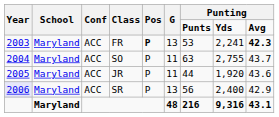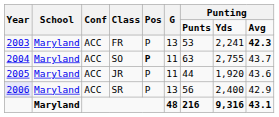 <table class="wikitable">
 <tr>
 <th rowspan="2">Year</th>
 <th rowspan="2">School</th>
 <th rowspan="2">Conf</th>
 <th rowspan="2">Class</th>
 <th rowspan="2">Pos</th>
 <th rowspan="2">G</th>
 <th colspan="3" style="text-align: center; font-weight:bold;">Punting</th>
 </tr>
 <tr>
 <td style="font-weight:bold;">Punts</td>
 <td style="font-weight:bold;">Yds</td>
 <td style="font-weight:bold;">Avg</td>
 </tr>
 <tr>
 <td><a href='#'>2003</a></td>
 <td><a href='#'>Maryland</a></td>
 <td>ACC</td>
 <td>FR</td>
-<td><strong>P</strong></td>
+<td>P</td>
 <td>13</td>
 <td>53</td>
 <td>2,241</td>
 <td><strong>42.3</strong></td>
 </tr>
 <tr>
 <td><a href='#'>2004</a></td>
 <td><a href='#'>Maryland</a></td>
 <td>ACC</td>
 <td>SO</td>
-<td>P</td>
+<td><strong>P</strong></td>
 <td>11</td>
 <td>63</td>
 <td>2,755</td>
 <td>43.7</td>
 </tr>
 <tr>
 <td><a href='#'>2005</a></td>
 <td><a href='#'>Maryland</a></td>
 <td>ACC</td>
 <td>JR</td>
 <td>P</td>
 <td>11</td>
 <td>44</td>
 <td>1,920</td>
 <td>43.6</td>
 </tr>
 <tr>
 <td style="background: lavender;"><a href='#'>2006</a></td>
 <td><a href='#'>Maryland</a></td>
 <td>ACC</td>
 <td>SR</td>
 <td>P</td>
 <td>13</td>
 <td>56</td>
 <td>2,400</td>
 <td>42.9</td>
 </tr>
 <tr>
 <td style="font-weight:bold;"></td>
 <td style="font-weight:bold;">Maryland</td>
 <td colspan="3" style="font-weight:bold;"></td>
 <td style="font-weight:bold;">48</td>
 <td style="font-weight:bold;">216</td>
 <td style="font-weight:bold;">9,316</td>
 <td style="font-weight:bold;">43.1</td>
 </tr>
 </table>
